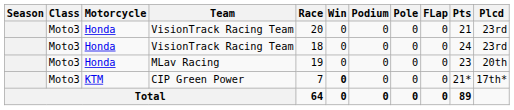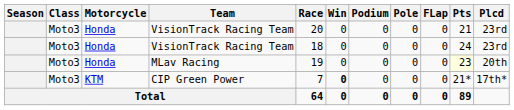 <table class="wikitable" style="text-align:right;">
 <tr>
 <th>Season</th>
 <th>Class</th>
 <th>Motorcycle</th>
 <th>Team</th>
 <th>Race</th>
 <th>Win</th>
 <th>Podium</th>
 <th>Pole</th>
 <th>FLap</th>
 <th>Pts</th>
 <th>Plcd</th>
 </tr>
 <tr>
 <th></th>
 <td>Moto3</td>
 <td style="text-align:left;"><a href='#'>Honda</a></td>
 <td style="text-align:left;">VisionTrack Racing Team</td>
 <td>20</td>
 <td>0</td>
 <td>0</td>
 <td>0</td>
 <td>0</td>
 <td>21</td>
 <td>23rd</td>
 </tr>
 <tr>
 <th></th>
 <td>Moto3</td>
 <td style="text-align:left;"><a href='#'>Honda</a></td>
 <td style="text-align:left;">VisionTrack Racing Team</td>
 <td>18</td>
 <td>0</td>
 <td>0</td>
 <td>0</td>
 <td>0</td>
 <td>24</td>
 <td>23rd</td>
 </tr>
 <tr>
 <th></th>
 <td>Moto3</td>
 <td style="text-align:left;"><a href='#'>Honda</a></td>
 <td style="text-align:left;">MLav Racing</td>
 <td>19</td>
 <td>0</td>
 <td>0</td>
 <td>0</td>
 <td>0</td>
-<td>23</td>
+<td style="background: lightyellow;">23</td>
 <td>20th</td>
 </tr>
 <tr>
 <th></th>
 <td>Moto3</td>
 <td style="text-align:left;"><a href='#'>KTM</a></td>
 <td style="text-align:left;">CIP Green Power</td>
 <td>7</td>
 <td><strong>0</strong></td>
 <td>0</td>
 <td>0</td>
 <td>0</td>
 <td>21*</td>
 <td>17th*</td>
 </tr>
 <tr>
 <th colspan="4">Total</th>
 <td><strong>64</strong></td>
 <td><strong>0</strong></td>
 <td><strong>0</strong></td>
 <td><strong>0</strong></td>
 <td><strong>0</strong></td>
 <td><strong>89</strong></td>
 <td></td>
 </tr>
 </table>
